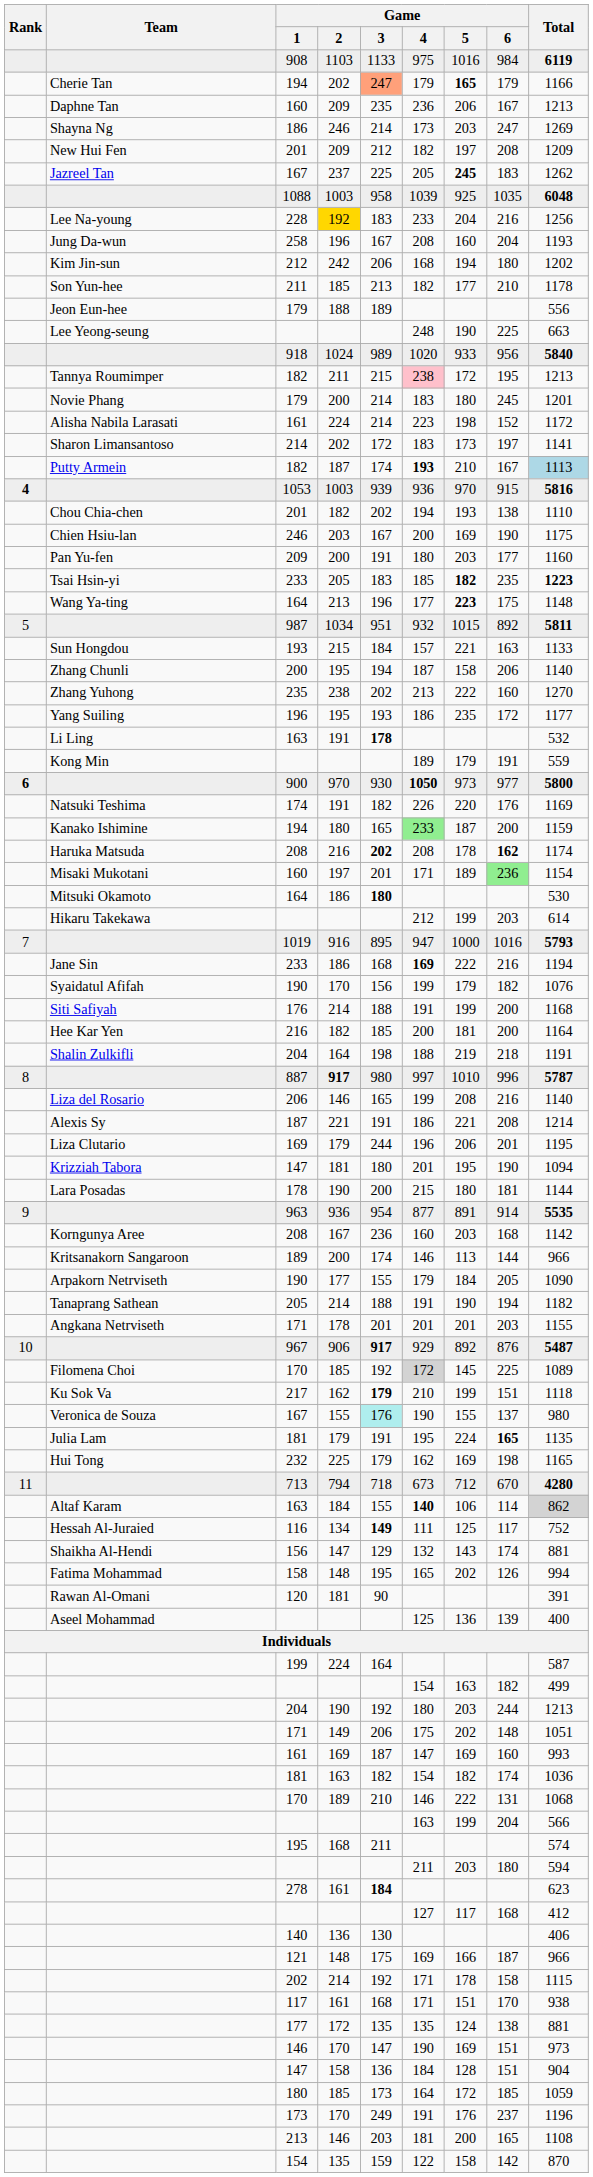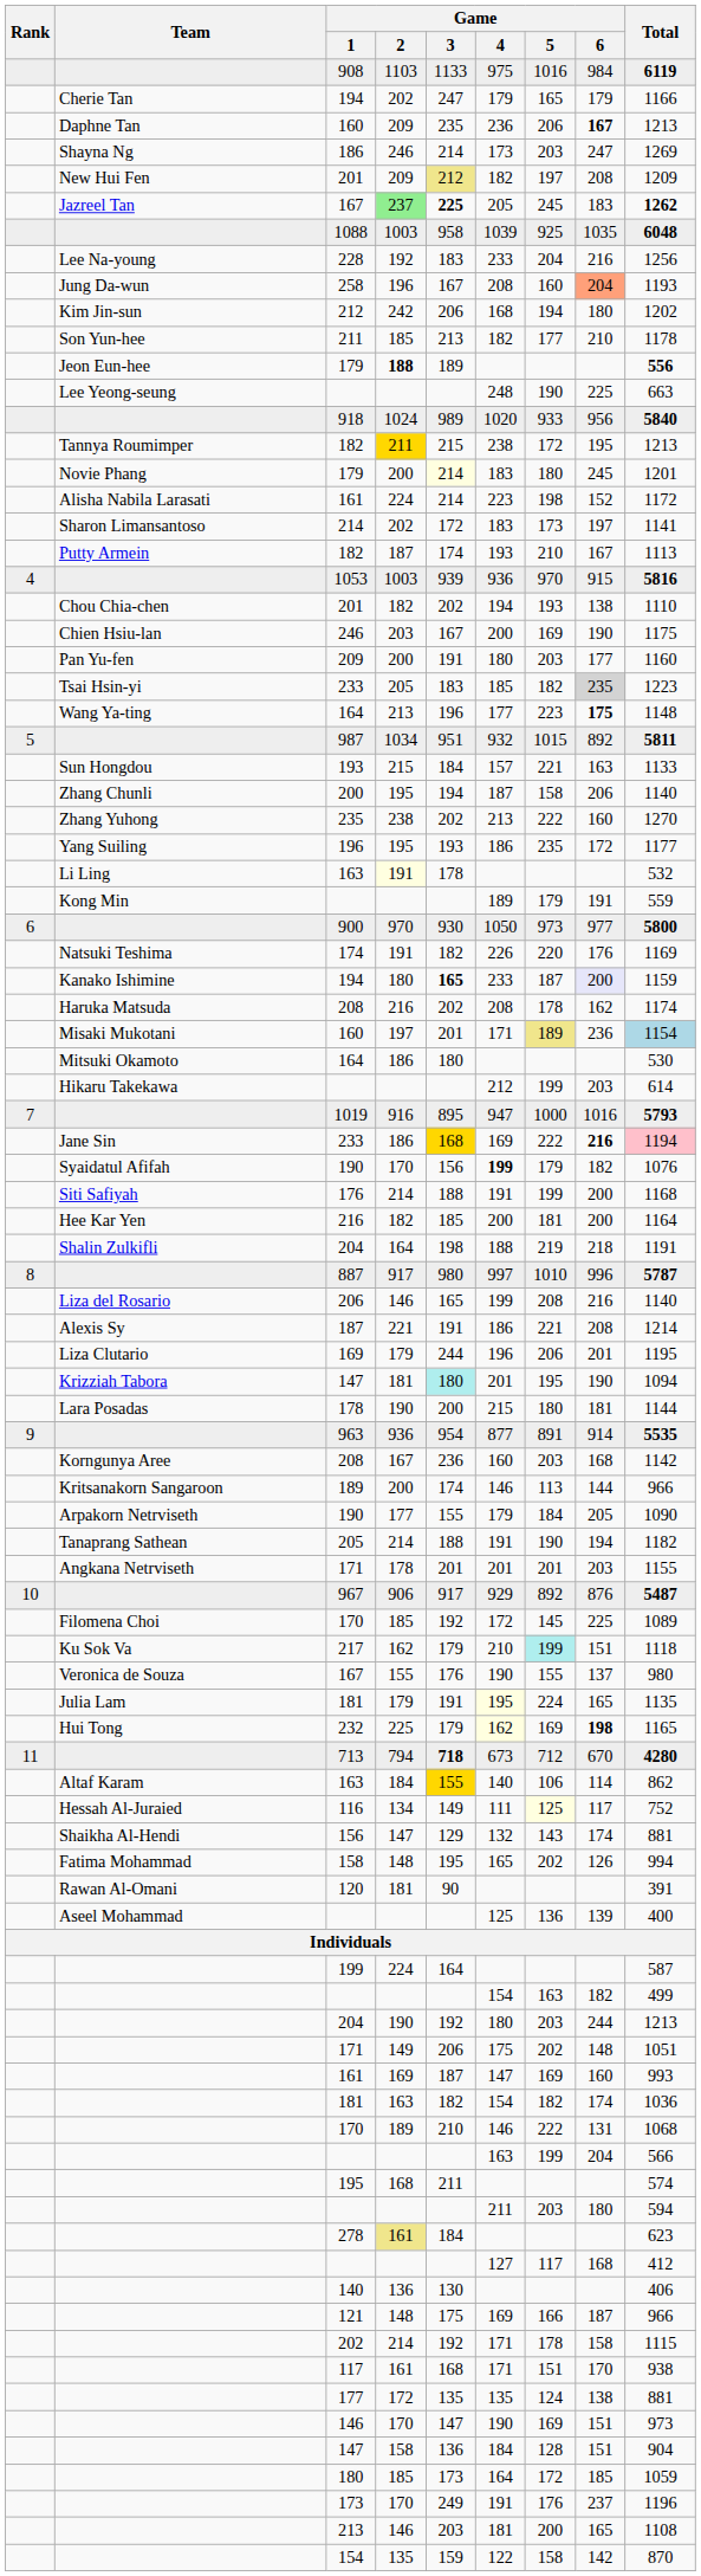 <table class=wikitable style="text-align:center">
 <tr>
 <th rowspan="2" width=40>Rank</th>
 <th rowspan="2" width=250>Team</th>
 <th colspan="6">Game</th>
 <th rowspan="2" width=60>Total</th>
 </tr>
 <tr>
 <th width=40>1</th>
 <th width=40>2</th>
 <th width=40>3</th>
 <th width=40>4</th>
 <th width=40>5</th>
 <th width=40>6</th>
 </tr>
 <tr bgcolor=eeeeee>
 <td></td>
 <td align=left></td>
 <td>908</td>
 <td>1103</td>
 <td>1133</td>
 <td>975</td>
 <td>1016</td>
 <td>984</td>
 <td><strong>6119</strong></td>
 </tr>
 <tr>
 <td></td>
 <td align=left>Cherie Tan</td>
 <td>194</td>
 <td>202</td>
-<td style="background: lightsalmon;">247</td>
+<td>247</td>
 <td>179</td>
-<td><strong>165</strong></td>
+<td>165</td>
 <td>179</td>
 <td>1166</td>
 </tr>
 <tr>
 <td></td>
 <td align=left>Daphne Tan</td>
 <td>160</td>
 <td>209</td>
 <td>235</td>
 <td>236</td>
 <td>206</td>
-<td>167</td>
+<td><strong>167</strong></td>
 <td>1213</td>
 </tr>
 <tr>
 <td></td>
 <td align=left>Shayna Ng</td>
 <td>186</td>
 <td>246</td>
 <td>214</td>
 <td>173</td>
 <td>203</td>
 <td>247</td>
 <td>1269</td>
 </tr>
 <tr>
 <td></td>
 <td align=left>New Hui Fen</td>
 <td>201</td>
 <td>209</td>
-<td>212</td>
+<td style="background: khaki;">212</td>
 <td>182</td>
 <td>197</td>
 <td>208</td>
 <td>1209</td>
 </tr>
 <tr>
 <td></td>
 <td align=left><a href='#'>Jazreel Tan</a></td>
 <td>167</td>
-<td>237</td>
-<td>225</td>
+<td style="background: lightgreen;">237</td>
+<td><strong>225</strong></td>
 <td>205</td>
-<td><strong>245</strong></td>
+<td>245</td>
 <td>183</td>
-<td>1262</td>
+<td><strong>1262</strong></td>
 </tr>
 <tr bgcolor=eeeeee>
 <td></td>
 <td align=left></td>
 <td>1088</td>
 <td>1003</td>
 <td>958</td>
 <td>1039</td>
 <td>925</td>
 <td>1035</td>
 <td><strong>6048</strong></td>
 </tr>
 <tr>
 <td></td>
 <td align=left>Lee Na-young</td>
 <td>228</td>
-<td style="background: gold;">192</td>
+<td>192</td>
 <td>183</td>
 <td>233</td>
 <td>204</td>
 <td>216</td>
 <td>1256</td>
 </tr>
 <tr>
 <td></td>
 <td align=left>Jung Da-wun</td>
 <td>258</td>
 <td>196</td>
 <td>167</td>
 <td>208</td>
 <td>160</td>
-<td>204</td>
+<td style="background: lightsalmon;">204</td>
 <td>1193</td>
 </tr>
 <tr>
 <td></td>
 <td align=left>Kim Jin-sun</td>
 <td>212</td>
 <td>242</td>
 <td>206</td>
 <td>168</td>
 <td>194</td>
 <td>180</td>
 <td>1202</td>
 </tr>
 <tr>
 <td></td>
 <td align=left>Son Yun-hee</td>
 <td>211</td>
 <td>185</td>
 <td>213</td>
 <td>182</td>
 <td>177</td>
 <td>210</td>
 <td>1178</td>
 </tr>
 <tr>
 <td></td>
 <td align=left>Jeon Eun-hee</td>
 <td>179</td>
-<td>188</td>
+<td><strong>188</strong></td>
 <td>189</td>
 <td></td>
 <td></td>
 <td></td>
-<td>556</td>
+<td><strong>556</strong></td>
 </tr>
 <tr>
 <td></td>
 <td align=left>Lee Yeong-seung</td>
 <td></td>
 <td></td>
 <td></td>
 <td>248</td>
 <td>190</td>
 <td>225</td>
 <td>663</td>
 </tr>
 <tr bgcolor=eeeeee>
 <td></td>
 <td align=left></td>
 <td>918</td>
 <td>1024</td>
 <td>989</td>
 <td>1020</td>
 <td>933</td>
 <td>956</td>
 <td><strong>5840</strong></td>
 </tr>
 <tr>
 <td></td>
 <td align=left>Tannya Roumimper</td>
 <td>182</td>
-<td>211</td>
+<td style="background: gold;">211</td>
 <td>215</td>
-<td style="background: pink;">238</td>
+<td>238</td>
 <td>172</td>
 <td>195</td>
 <td>1213</td>
 </tr>
 <tr>
 <td></td>
 <td align=left>Novie Phang</td>
 <td>179</td>
 <td>200</td>
-<td>214</td>
+<td style="background: lightyellow;">214</td>
 <td>183</td>
 <td>180</td>
 <td>245</td>
 <td>1201</td>
 </tr>
 <tr>
 <td></td>
 <td align=left>Alisha Nabila Larasati</td>
 <td>161</td>
 <td>224</td>
 <td>214</td>
 <td>223</td>
 <td>198</td>
 <td>152</td>
 <td>1172</td>
 </tr>
 <tr>
 <td></td>
 <td align=left>Sharon Limansantoso</td>
 <td>214</td>
 <td>202</td>
 <td>172</td>
 <td>183</td>
 <td>173</td>
 <td>197</td>
 <td>1141</td>
 </tr>
 <tr>
 <td></td>
 <td align=left><a href='#'>Putty Armein</a></td>
 <td>182</td>
 <td>187</td>
 <td>174</td>
-<td><strong>193</strong></td>
+<td>193</td>
 <td>210</td>
 <td>167</td>
-<td style="background: lightblue;">1113</td>
+<td>1113</td>
 </tr>
 <tr bgcolor=eeeeee>
-<td><strong>4</strong></td>
+<td>4</td>
 <td align=left></td>
 <td>1053</td>
 <td>1003</td>
 <td>939</td>
 <td>936</td>
 <td>970</td>
 <td>915</td>
 <td><strong>5816</strong></td>
 </tr>
 <tr>
 <td></td>
 <td align=left>Chou Chia-chen</td>
 <td>201</td>
 <td>182</td>
 <td>202</td>
 <td>194</td>
 <td>193</td>
 <td>138</td>
 <td>1110</td>
 </tr>
 <tr>
 <td></td>
 <td align=left>Chien Hsiu-lan</td>
 <td>246</td>
 <td>203</td>
 <td>167</td>
 <td>200</td>
 <td>169</td>
 <td>190</td>
 <td>1175</td>
 </tr>
 <tr>
 <td></td>
 <td align=left>Pan Yu-fen</td>
 <td>209</td>
 <td>200</td>
 <td>191</td>
 <td>180</td>
 <td>203</td>
 <td>177</td>
 <td>1160</td>
 </tr>
 <tr>
 <td></td>
 <td align=left>Tsai Hsin-yi</td>
 <td>233</td>
 <td>205</td>
 <td>183</td>
 <td>185</td>
-<td><strong>182</strong></td>
-<td>235</td>
-<td><strong>1223</strong></td>
+<td>182</td>
+<td style="background: lightgrey;">235</td>
+<td>1223</td>
 </tr>
 <tr>
 <td></td>
 <td align=left>Wang Ya-ting</td>
 <td>164</td>
 <td>213</td>
 <td>196</td>
 <td>177</td>
-<td><strong>223</strong></td>
-<td>175</td>
+<td>223</td>
+<td><strong>175</strong></td>
 <td>1148</td>
 </tr>
 <tr bgcolor=eeeeee>
 <td>5</td>
 <td align=left></td>
 <td>987</td>
 <td>1034</td>
 <td>951</td>
 <td>932</td>
 <td>1015</td>
 <td>892</td>
 <td><strong>5811</strong></td>
 </tr>
 <tr>
 <td></td>
 <td align=left>Sun Hongdou</td>
 <td>193</td>
 <td>215</td>
 <td>184</td>
 <td>157</td>
 <td>221</td>
 <td>163</td>
 <td>1133</td>
 </tr>
 <tr>
 <td></td>
 <td align=left>Zhang Chunli</td>
 <td>200</td>
 <td>195</td>
 <td>194</td>
 <td>187</td>
 <td>158</td>
 <td>206</td>
 <td>1140</td>
 </tr>
 <tr>
 <td></td>
 <td align=left>Zhang Yuhong</td>
 <td>235</td>
 <td>238</td>
 <td>202</td>
 <td>213</td>
 <td>222</td>
 <td>160</td>
 <td>1270</td>
 </tr>
 <tr>
 <td></td>
 <td align=left>Yang Suiling</td>
 <td>196</td>
 <td>195</td>
 <td>193</td>
 <td>186</td>
 <td>235</td>
 <td>172</td>
 <td>1177</td>
 </tr>
 <tr>
 <td></td>
 <td align=left>Li Ling</td>
 <td>163</td>
-<td>191</td>
-<td><strong>178</strong></td>
+<td style="background: lightyellow;">191</td>
+<td>178</td>
 <td></td>
 <td></td>
 <td></td>
 <td>532</td>
 </tr>
 <tr>
 <td></td>
 <td align=left>Kong Min</td>
 <td></td>
 <td></td>
 <td></td>
 <td>189</td>
 <td>179</td>
 <td>191</td>
 <td>559</td>
 </tr>
 <tr bgcolor=eeeeee>
-<td><strong>6</strong></td>
+<td>6</td>
 <td align=left></td>
 <td>900</td>
 <td>970</td>
 <td>930</td>
-<td><strong>1050</strong></td>
+<td>1050</td>
 <td>973</td>
 <td>977</td>
 <td><strong>5800</strong></td>
 </tr>
 <tr>
 <td></td>
 <td align=left>Natsuki Teshima</td>
 <td>174</td>
 <td>191</td>
 <td>182</td>
 <td>226</td>
 <td>220</td>
 <td>176</td>
 <td>1169</td>
 </tr>
 <tr>
 <td></td>
 <td align=left>Kanako Ishimine</td>
 <td>194</td>
 <td>180</td>
-<td>165</td>
-<td style="background: lightgreen;">233</td>
+<td><strong>165</strong></td>
+<td>233</td>
 <td>187</td>
-<td>200</td>
+<td style="background: lavender;">200</td>
 <td>1159</td>
 </tr>
 <tr>
 <td></td>
 <td align=left>Haruka Matsuda</td>
 <td>208</td>
 <td>216</td>
-<td><strong>202</strong></td>
+<td>202</td>
 <td>208</td>
 <td>178</td>
-<td><strong>162</strong></td>
+<td>162</td>
 <td>1174</td>
 </tr>
 <tr>
 <td></td>
 <td align=left>Misaki Mukotani</td>
 <td>160</td>
 <td>197</td>
 <td>201</td>
 <td>171</td>
-<td>189</td>
-<td style="background: lightgreen;">236</td>
-<td>1154</td>
+<td style="background: khaki;">189</td>
+<td>236</td>
+<td style="background: lightblue;">1154</td>
 </tr>
 <tr>
 <td></td>
 <td align=left>Mitsuki Okamoto</td>
 <td>164</td>
 <td>186</td>
-<td><strong>180</strong></td>
+<td>180</td>
 <td></td>
 <td></td>
 <td></td>
 <td>530</td>
 </tr>
 <tr>
 <td></td>
 <td align=left>Hikaru Takekawa</td>
 <td></td>
 <td></td>
 <td></td>
 <td>212</td>
 <td>199</td>
 <td>203</td>
 <td>614</td>
 </tr>
 <tr bgcolor=eeeeee>
 <td>7</td>
 <td align=left></td>
 <td>1019</td>
 <td>916</td>
 <td>895</td>
 <td>947</td>
 <td>1000</td>
 <td>1016</td>
 <td><strong>5793</strong></td>
 </tr>
 <tr>
 <td></td>
 <td align=left>Jane Sin</td>
 <td>233</td>
 <td>186</td>
-<td>168</td>
-<td><strong>169</strong></td>
+<td style="background: gold;">168</td>
+<td>169</td>
 <td>222</td>
-<td>216</td>
-<td>1194</td>
+<td><strong>216</strong></td>
+<td style="background: pink;">1194</td>
 </tr>
 <tr>
 <td></td>
 <td align=left>Syaidatul Afifah</td>
 <td>190</td>
 <td>170</td>
 <td>156</td>
-<td>199</td>
+<td><strong>199</strong></td>
 <td>179</td>
 <td>182</td>
 <td>1076</td>
 </tr>
 <tr>
 <td></td>
 <td align=left><a href='#'>Siti Safiyah</a></td>
 <td>176</td>
 <td>214</td>
 <td>188</td>
 <td>191</td>
 <td>199</td>
 <td>200</td>
 <td>1168</td>
 </tr>
 <tr>
 <td></td>
 <td align=left>Hee Kar Yen</td>
 <td>216</td>
 <td>182</td>
 <td>185</td>
 <td>200</td>
 <td>181</td>
 <td>200</td>
 <td>1164</td>
 </tr>
 <tr>
 <td></td>
 <td align=left><a href='#'>Shalin Zulkifli</a></td>
 <td>204</td>
 <td>164</td>
 <td>198</td>
 <td>188</td>
 <td>219</td>
 <td>218</td>
 <td>1191</td>
 </tr>
 <tr bgcolor=eeeeee>
 <td>8</td>
 <td align=left></td>
 <td>887</td>
-<td><strong>917</strong></td>
+<td>917</td>
 <td>980</td>
 <td>997</td>
 <td>1010</td>
 <td>996</td>
 <td><strong>5787</strong></td>
 </tr>
 <tr>
 <td></td>
 <td align=left><a href='#'>Liza del Rosario</a></td>
 <td>206</td>
 <td>146</td>
 <td>165</td>
 <td>199</td>
 <td>208</td>
 <td>216</td>
 <td>1140</td>
 </tr>
 <tr>
 <td></td>
 <td align=left>Alexis Sy</td>
 <td>187</td>
 <td>221</td>
 <td>191</td>
 <td>186</td>
 <td>221</td>
 <td>208</td>
 <td>1214</td>
 </tr>
 <tr>
 <td></td>
 <td align=left>Liza Clutario</td>
 <td>169</td>
 <td>179</td>
 <td>244</td>
 <td>196</td>
 <td>206</td>
 <td>201</td>
 <td>1195</td>
 </tr>
 <tr>
 <td></td>
 <td align=left><a href='#'>Krizziah Tabora</a></td>
 <td>147</td>
 <td>181</td>
-<td>180</td>
+<td style="background: paleturquoise;">180</td>
 <td>201</td>
 <td>195</td>
 <td>190</td>
 <td>1094</td>
 </tr>
 <tr>
 <td></td>
 <td align=left>Lara Posadas</td>
 <td>178</td>
 <td>190</td>
 <td>200</td>
 <td>215</td>
 <td>180</td>
 <td>181</td>
 <td>1144</td>
 </tr>
 <tr bgcolor=eeeeee>
 <td>9</td>
 <td align=left></td>
 <td>963</td>
 <td>936</td>
 <td>954</td>
 <td>877</td>
 <td>891</td>
 <td>914</td>
 <td><strong>5535</strong></td>
 </tr>
 <tr>
 <td></td>
 <td align=left>Korngunya Aree</td>
 <td>208</td>
 <td>167</td>
 <td>236</td>
 <td>160</td>
 <td>203</td>
 <td>168</td>
 <td>1142</td>
 </tr>
 <tr>
 <td></td>
 <td align=left>Kritsanakorn Sangaroon</td>
 <td>189</td>
 <td>200</td>
 <td>174</td>
 <td>146</td>
 <td>113</td>
 <td>144</td>
 <td>966</td>
 </tr>
 <tr>
 <td></td>
 <td align=left>Arpakorn Netrviseth</td>
 <td>190</td>
 <td>177</td>
 <td>155</td>
 <td>179</td>
 <td>184</td>
 <td>205</td>
 <td>1090</td>
 </tr>
 <tr>
 <td></td>
 <td align=left>Tanaprang Sathean</td>
 <td>205</td>
 <td>214</td>
 <td>188</td>
 <td>191</td>
 <td>190</td>
 <td>194</td>
 <td>1182</td>
 </tr>
 <tr>
 <td></td>
 <td align=left>Angkana Netrviseth</td>
 <td>171</td>
 <td>178</td>
 <td>201</td>
 <td>201</td>
 <td>201</td>
 <td>203</td>
 <td>1155</td>
 </tr>
 <tr bgcolor=eeeeee>
 <td>10</td>
 <td align=left></td>
 <td>967</td>
 <td>906</td>
-<td><strong>917</strong></td>
+<td>917</td>
 <td>929</td>
 <td>892</td>
 <td>876</td>
 <td><strong>5487</strong></td>
 </tr>
 <tr>
 <td></td>
 <td align=left>Filomena Choi</td>
 <td>170</td>
 <td>185</td>
 <td>192</td>
-<td style="background: lightgrey;">172</td>
+<td>172</td>
 <td>145</td>
 <td>225</td>
 <td>1089</td>
 </tr>
 <tr>
 <td></td>
 <td align=left>Ku Sok Va</td>
 <td>217</td>
 <td>162</td>
-<td><strong>179</strong></td>
+<td>179</td>
 <td>210</td>
-<td>199</td>
+<td style="background: paleturquoise;">199</td>
 <td>151</td>
 <td>1118</td>
 </tr>
 <tr>
 <td></td>
 <td align=left>Veronica de Souza</td>
 <td>167</td>
 <td>155</td>
-<td style="background: paleturquoise;">176</td>
+<td>176</td>
 <td>190</td>
 <td>155</td>
 <td>137</td>
 <td>980</td>
 </tr>
 <tr>
 <td></td>
 <td align=left>Julia Lam</td>
 <td>181</td>
 <td>179</td>
 <td>191</td>
-<td>195</td>
+<td style="background: lightyellow;">195</td>
 <td>224</td>
-<td><strong>165</strong></td>
+<td>165</td>
 <td>1135</td>
 </tr>
 <tr>
 <td></td>
 <td align=left>Hui Tong</td>
 <td>232</td>
 <td>225</td>
 <td>179</td>
-<td>162</td>
+<td style="background: lightyellow;">162</td>
 <td>169</td>
-<td>198</td>
+<td><strong>198</strong></td>
 <td>1165</td>
 </tr>
 <tr bgcolor=eeeeee>
 <td>11</td>
 <td align=left></td>
 <td>713</td>
 <td>794</td>
-<td>718</td>
+<td><strong>718</strong></td>
 <td>673</td>
 <td>712</td>
 <td>670</td>
 <td><strong>4280</strong></td>
 </tr>
 <tr>
 <td></td>
 <td align=left>Altaf Karam</td>
 <td>163</td>
 <td>184</td>
-<td>155</td>
-<td><strong>140</strong></td>
+<td style="background: gold;">155</td>
+<td>140</td>
 <td>106</td>
 <td>114</td>
-<td style="background: lightgrey;">862</td>
+<td>862</td>
 </tr>
 <tr>
 <td></td>
 <td align=left>Hessah Al-Juraied</td>
 <td>116</td>
 <td>134</td>
-<td><strong>149</strong></td>
+<td>149</td>
 <td>111</td>
-<td>125</td>
+<td style="background: lightyellow;">125</td>
 <td>117</td>
 <td>752</td>
 </tr>
 <tr>
 <td></td>
 <td align=left>Shaikha Al-Hendi</td>
 <td>156</td>
 <td>147</td>
 <td>129</td>
 <td>132</td>
 <td>143</td>
 <td>174</td>
 <td>881</td>
 </tr>
 <tr>
 <td></td>
 <td align=left>Fatima Mohammad</td>
 <td>158</td>
 <td>148</td>
 <td>195</td>
 <td>165</td>
 <td>202</td>
 <td>126</td>
 <td>994</td>
 </tr>
 <tr>
 <td></td>
 <td align=left>Rawan Al-Omani</td>
 <td>120</td>
 <td>181</td>
 <td>90</td>
 <td></td>
 <td></td>
 <td></td>
 <td>391</td>
 </tr>
 <tr>
 <td></td>
 <td align=left>Aseel Mohammad</td>
 <td></td>
 <td></td>
 <td></td>
 <td>125</td>
 <td>136</td>
 <td>139</td>
 <td>400</td>
 </tr>
 <tr>
 <th colspan="9">Individuals</th>
 </tr>
 <tr>
 <td></td>
 <td align=left></td>
 <td>199</td>
 <td>224</td>
 <td>164</td>
 <td></td>
 <td></td>
 <td></td>
 <td>587</td>
 </tr>
 <tr>
 <td></td>
 <td align=left></td>
 <td></td>
 <td></td>
 <td></td>
 <td>154</td>
 <td>163</td>
 <td>182</td>
 <td>499</td>
 </tr>
 <tr>
 <td></td>
 <td align=left></td>
 <td>204</td>
 <td>190</td>
 <td>192</td>
 <td>180</td>
 <td>203</td>
 <td>244</td>
 <td>1213</td>
 </tr>
 <tr>
 <td></td>
 <td align=left></td>
 <td>171</td>
 <td>149</td>
 <td>206</td>
 <td>175</td>
 <td>202</td>
 <td>148</td>
 <td>1051</td>
 </tr>
 <tr>
 <td></td>
 <td align=left></td>
 <td>161</td>
 <td>169</td>
 <td>187</td>
 <td>147</td>
 <td>169</td>
 <td>160</td>
 <td>993</td>
 </tr>
 <tr>
 <td></td>
 <td align=left></td>
 <td>181</td>
 <td>163</td>
 <td>182</td>
 <td>154</td>
 <td>182</td>
 <td>174</td>
 <td>1036</td>
 </tr>
 <tr>
 <td></td>
 <td align=left></td>
 <td>170</td>
 <td>189</td>
 <td>210</td>
 <td>146</td>
 <td>222</td>
 <td>131</td>
 <td>1068</td>
 </tr>
 <tr>
 <td></td>
 <td align=left></td>
 <td></td>
 <td></td>
 <td></td>
 <td>163</td>
 <td>199</td>
 <td>204</td>
 <td>566</td>
 </tr>
 <tr>
 <td></td>
 <td align=left></td>
 <td>195</td>
 <td>168</td>
 <td>211</td>
 <td></td>
 <td></td>
 <td></td>
 <td>574</td>
 </tr>
 <tr>
 <td></td>
 <td align=left></td>
 <td></td>
 <td></td>
 <td></td>
 <td>211</td>
 <td>203</td>
 <td>180</td>
 <td>594</td>
 </tr>
 <tr>
 <td></td>
 <td align=left></td>
 <td>278</td>
-<td>161</td>
-<td><strong>184</strong></td>
+<td style="background: khaki;">161</td>
+<td>184</td>
 <td></td>
 <td></td>
 <td></td>
 <td>623</td>
 </tr>
 <tr>
 <td></td>
 <td align=left></td>
 <td></td>
 <td></td>
 <td></td>
 <td>127</td>
 <td>117</td>
 <td>168</td>
 <td>412</td>
 </tr>
 <tr>
 <td></td>
 <td align=left></td>
 <td>140</td>
 <td>136</td>
 <td>130</td>
 <td></td>
 <td></td>
 <td></td>
 <td>406</td>
 </tr>
 <tr>
 <td></td>
 <td align=left></td>
 <td>121</td>
 <td>148</td>
 <td>175</td>
 <td>169</td>
 <td>166</td>
 <td>187</td>
 <td>966</td>
 </tr>
 <tr>
 <td></td>
 <td align=left></td>
 <td>202</td>
 <td>214</td>
 <td>192</td>
 <td>171</td>
 <td>178</td>
 <td>158</td>
 <td>1115</td>
 </tr>
 <tr>
 <td></td>
 <td align=left></td>
 <td>117</td>
 <td>161</td>
 <td>168</td>
 <td>171</td>
 <td>151</td>
 <td>170</td>
 <td>938</td>
 </tr>
 <tr>
 <td></td>
 <td align=left></td>
 <td>177</td>
 <td>172</td>
 <td>135</td>
 <td>135</td>
 <td>124</td>
 <td>138</td>
 <td>881</td>
 </tr>
 <tr>
 <td></td>
 <td align=left></td>
 <td>146</td>
 <td>170</td>
 <td>147</td>
 <td>190</td>
 <td>169</td>
 <td>151</td>
 <td>973</td>
 </tr>
 <tr>
 <td></td>
 <td align=left></td>
 <td>147</td>
 <td>158</td>
 <td>136</td>
 <td>184</td>
 <td>128</td>
 <td>151</td>
 <td>904</td>
 </tr>
 <tr>
 <td></td>
 <td align=left></td>
 <td>180</td>
 <td>185</td>
 <td>173</td>
 <td>164</td>
 <td>172</td>
 <td>185</td>
 <td>1059</td>
 </tr>
 <tr>
 <td></td>
 <td align=left></td>
 <td>173</td>
 <td>170</td>
 <td>249</td>
 <td>191</td>
 <td>176</td>
 <td>237</td>
 <td>1196</td>
 </tr>
 <tr>
 <td></td>
 <td align=left></td>
 <td>213</td>
 <td>146</td>
 <td>203</td>
 <td>181</td>
 <td>200</td>
 <td>165</td>
 <td>1108</td>
 </tr>
 <tr>
 <td></td>
 <td align=left></td>
 <td>154</td>
 <td>135</td>
 <td>159</td>
 <td>122</td>
 <td>158</td>
 <td>142</td>
 <td>870</td>
 </tr>
 </table>
